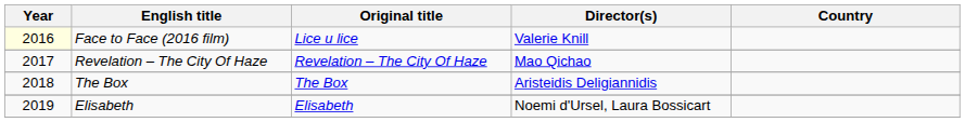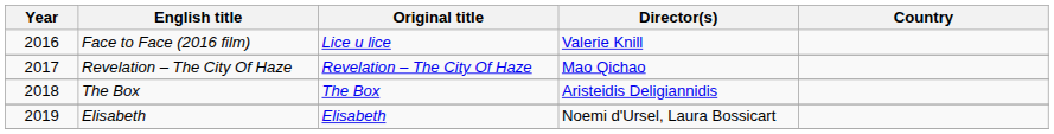 <table class="sortable wikitable" width="85%" cellpadding="5">
 <tr>
 <th width="7%">Year</th>
 <th width="23%">English title</th>
 <th width="23%">Original title</th>
 <th width="23%">Director(s)</th>
 <th width="24%">Country</th>
 </tr>
 <tr>
-<td style="background: lightyellow; text-align:center;">2016</td>
+<td style="text-align:center;">2016</td>
 <td><em>Face to Face (2016 film)</em></td>
 <td><em><a href='#'>Lice u lice</a></em></td>
 <td><a href='#'>Valerie Knill</a></td>
 <td></td>
 </tr>
 <tr>
 </tr>
 <tr>
 <td style="text-align:center;">2017</td>
 <td><em>Revelation – The City Of Haze</em></td>
 <td><em><a href='#'>Revelation – The City Of Haze</a></em></td>
 <td><a href='#'>Mao Qichao</a></td>
 <td></td>
 </tr>
 <tr>
 </tr>
 <tr>
 <td style="text-align:center;">2018</td>
 <td><em>The Box</em></td>
 <td><em><a href='#'>The Box</a></em></td>
 <td><a href='#'>Aristeidis Deligiannidis</a></td>
 <td></td>
 </tr>
 <tr>
 </tr>
 <tr>
 <td style="text-align:center;">2019</td>
 <td><em>Elisabeth</em></td>
 <td><em><a href='#'>Elisabeth</a></em></td>
 <td>Noemi d'Ursel, Laura Bossicart</td>
 <td></td>
 </tr>
 <tr>
 </tr>
 </table>
